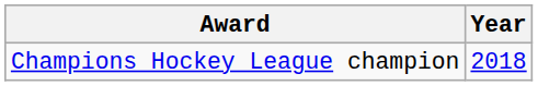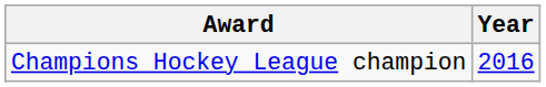 <table class="wikitable">
 <tr>
 <th scope="col">Award</th>
 <th scope="col">Year</th>
 </tr>
 <tr>
 <td><a href='#'>Champions Hockey League</a> champion</td>
-<td><a href='#'>2018</a></td>
+<td><a href='#'>2016</a></td>
 </tr>
 </table>
